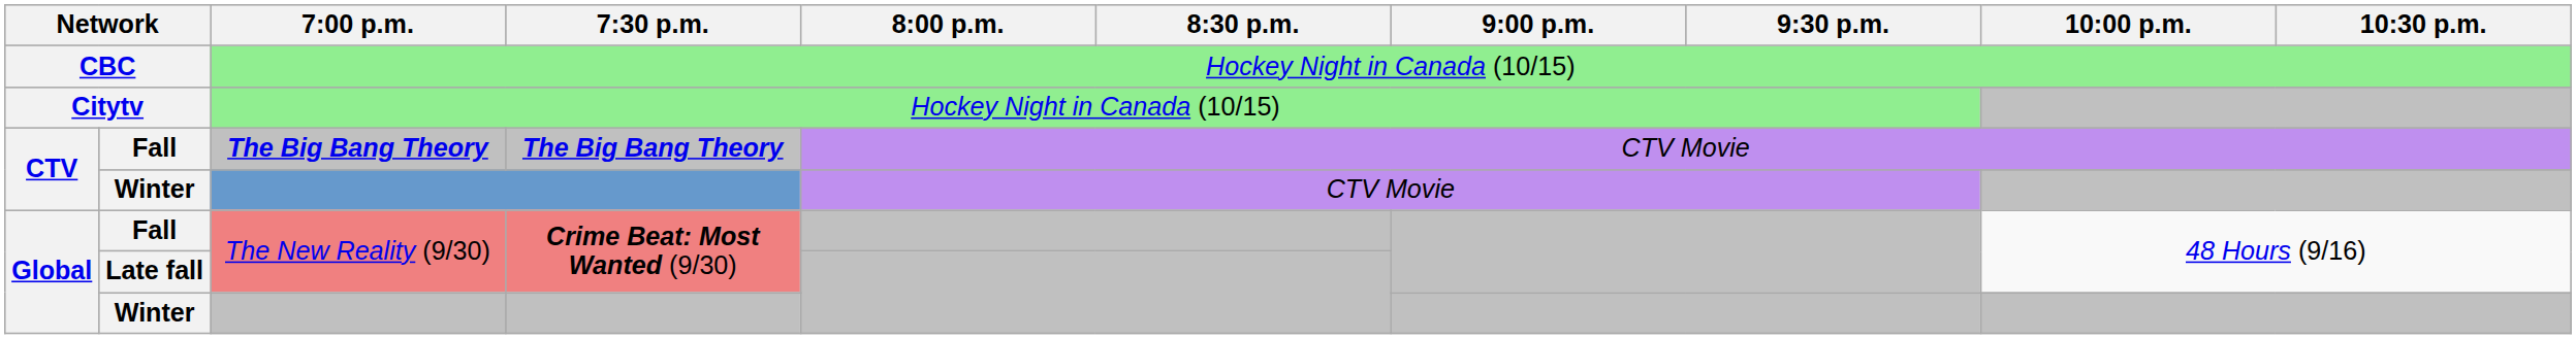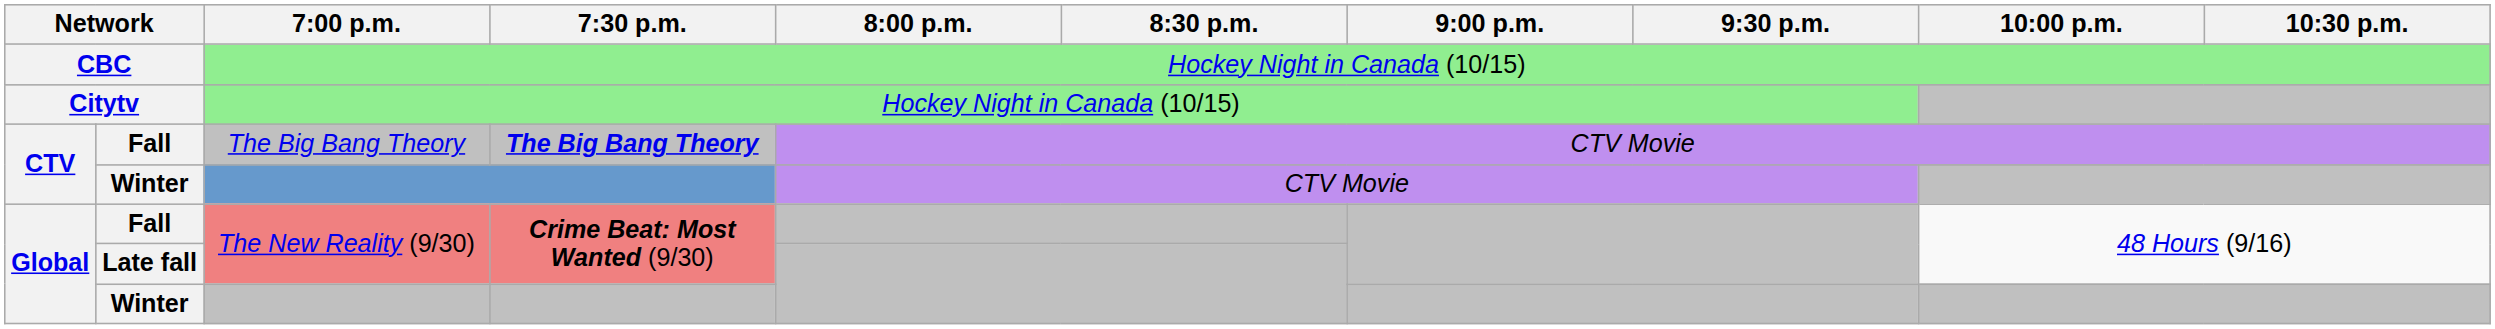 <table class=wikitable style=width:100%;margin-right:0;text-align:center>
 <tr>
 <th style=width:8% colspan=2>Network</th>
 <th style=width:11.5%>7:00 p.m.</th>
 <th style=width:11.5%>7:30 p.m.</th>
 <th style=width:11.5%>8:00 p.m.</th>
 <th style=width:11.5%>8:30 p.m.</th>
 <th style=width:11.5%>9:00 p.m.</th>
 <th style=width:11.5%>9:30 p.m.</th>
 <th style=width:11.5%>10:00 p.m.</th>
 <th style=width:11.5%>10:30 p.m.</th>
 </tr>
 <tr>
 <th colspan=2><a href='#'>CBC</a></th>
 <td colspan=8 style=background:lightgreen><em><a href='#'>Hockey Night in Canada</a></em> (10/15)</td>
 </tr>
 <tr>
 <th colspan=2><a href='#'>Citytv</a></th>
 <td colspan=6 style=background:lightgreen><em><a href='#'>Hockey Night in Canada</a></em> (10/15)</td>
 <td colspan=2 style=background:#C0C0C0> </td>
 </tr>
 <tr>
 <th rowspan=2><a href='#'>CTV</a></th>
 <th>Fall</th>
-<td style=background:#C0C0C0><strong><em><a href='#'>The Big Bang Theory</a></em> </strong></td>
+<td style=background:#C0C0C0><em><a href='#'>The Big Bang Theory</a></em> </td>
 <td style=background:#C0C0C0><strong><em><a href='#'>The Big Bang Theory</a></em> </strong></td>
 <td style=background:#BF8FEF colspan=6><em>CTV Movie</em></td>
 </tr>
 <tr>
 <th>Winter</th>
 <td colspan=2 style=background:#6699CC></td>
 <td style=background:#BF8FEF colspan=4><em>CTV Movie</em></td>
 <td style=background:#C0C0C0 colspan=2><em></em> </td>
 </tr>
 <tr>
 <th rowspan=3><a href='#'>Global</a></th>
 <th>Fall</th>
 <td style=background:#F08080 rowspan=2><em><a href='#'>The New Reality</a></em>  (9/30)</td>
 <td style=background:#F08080 rowspan=2><strong><em>Crime Beat: Most Wanted</em></strong>  (9/30)</td>
 <td style=background:#C0C0C0 colspan=2><em></em> </td>
 <td style=background:#C0C0C0 colspan=2 rowspan=2><em></em> </td>
 <td colspan=2 rowspan=2><em><a href='#'>48 Hours</a></em> (9/16)</td>
 </tr>
 <tr>
 <th>Late fall</th>
 <td style=background:#C0C0C0 colspan=2 rowspan=2><em></em> </td>
 </tr>
 <tr>
 <th>Winter</th>
 <td style=background:#C0C0C0><em></em> </td>
 <td style=background:#C0C0C0><em></em> </td>
 <td style=background:#C0C0C0 colspan=2><em></em> </td>
 <td style=background:#C0C0C0 colspan=2><em></em> </td>
 </tr>
 </table>
